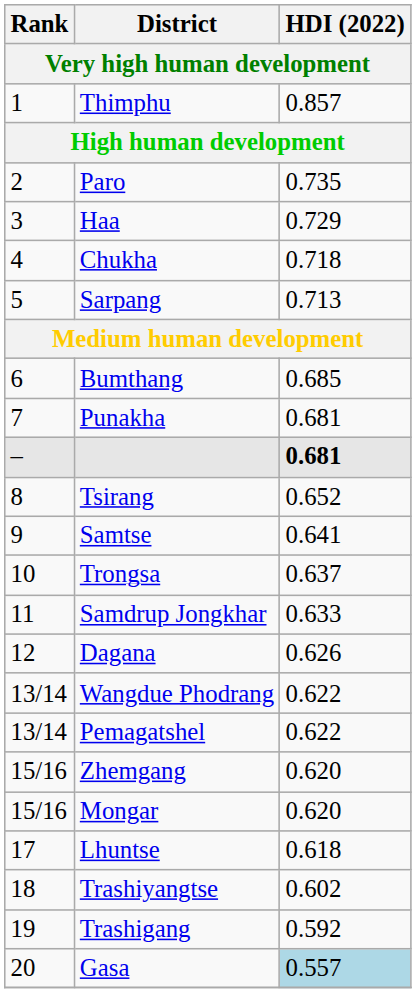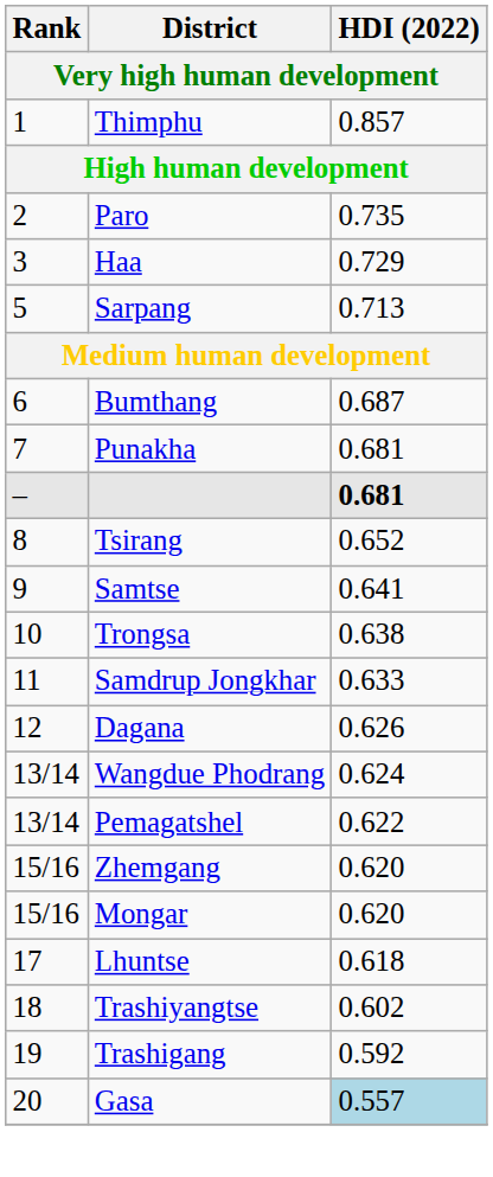 <table class="wikitable sortable">
 <tr>
 <th class="sort">Rank</th>
 <th class="sort">District</th>
 <th class="sort">HDI (2022)</th>
 </tr>
 <tr>
 <th colspan="3" style="color:green; ">Very high human development</th>
 </tr>
 <tr>
 <td>1</td>
 <td style="text-align:left"><a href='#'>Thimphu</a></td>
 <td>0.857</td>
 </tr>
 <tr>
 <th colspan="3" style="color:#0c0;">High human development</th>
 </tr>
 <tr>
 <td>2</td>
 <td style="text-align:left"><a href='#'>Paro</a></td>
 <td>0.735</td>
 </tr>
 <tr>
 <td>3</td>
 <td style="text-align:left"><a href='#'>Haa</a></td>
 <td>0.729</td>
 </tr>
 <tr>
-<td>4</td>
-<td style="text-align:left"><a href='#'>Chukha</a></td>
-<td>0.718</td>
-</tr>
-<tr>
 <td>5</td>
 <td style="text-align:left"><a href='#'>Sarpang</a></td>
 <td>0.713</td>
 </tr>
 <tr>
 <th colspan="3" style="color:#fc0;">Medium human development</th>
 </tr>
 <tr>
 <td>6</td>
 <td style="text-align:left"><a href='#'>Bumthang</a></td>
-<td>0.685</td>
+<td>0.687</td>
 </tr>
 <tr>
 <td>7</td>
 <td style="text-align:left"><a href='#'>Punakha</a></td>
 <td>0.681</td>
 </tr>
 <tr style="background:#e6e6e6">
 <td>–</td>
 <td style="text-align:left"><strong></strong></td>
 <td><strong>0.681</strong></td>
 </tr>
 <tr>
 <td>8</td>
 <td style="text-align:left"><a href='#'>Tsirang</a></td>
 <td>0.652</td>
 </tr>
 <tr>
 <td>9</td>
 <td style="text-align:left"><a href='#'>Samtse</a></td>
 <td>0.641</td>
 </tr>
 <tr>
 <td>10</td>
 <td style="text-align:left"><a href='#'>Trongsa</a></td>
-<td>0.637</td>
+<td>0.638</td>
 </tr>
 <tr>
 <td>11</td>
 <td style="text-align:left"><a href='#'>Samdrup Jongkhar</a></td>
 <td>0.633</td>
 </tr>
 <tr>
 <td>12</td>
 <td style="text-align:left"><a href='#'>Dagana</a></td>
 <td>0.626</td>
 </tr>
 <tr>
 <td>13/14</td>
 <td style="text-align:left"><a href='#'>Wangdue Phodrang</a></td>
-<td>0.622</td>
+<td>0.624</td>
 </tr>
 <tr>
 <td>13/14</td>
 <td style="text-align:left"><a href='#'>Pemagatshel</a></td>
 <td>0.622</td>
 </tr>
 <tr>
 <td>15/16</td>
 <td style="text-align:left"><a href='#'>Zhemgang</a></td>
 <td>0.620</td>
 </tr>
 <tr>
 <td>15/16</td>
 <td style="text-align:left"><a href='#'>Mongar</a></td>
 <td>0.620</td>
 </tr>
 <tr>
 <td>17</td>
 <td style="text-align:left"><a href='#'>Lhuntse</a></td>
 <td>0.618</td>
 </tr>
 <tr>
 <td>18</td>
 <td style="text-align:left"><a href='#'>Trashiyangtse</a></td>
 <td>0.602</td>
 </tr>
 <tr>
 <td>19</td>
 <td style="text-align:left"><a href='#'>Trashigang</a></td>
 <td>0.592</td>
 </tr>
 <tr>
 <td>20</td>
 <td style="text-align:left"><a href='#'>Gasa</a></td>
 <td style="background: lightblue;">0.557</td>
 </tr>
 <tr>
 </tr>
 </table>
